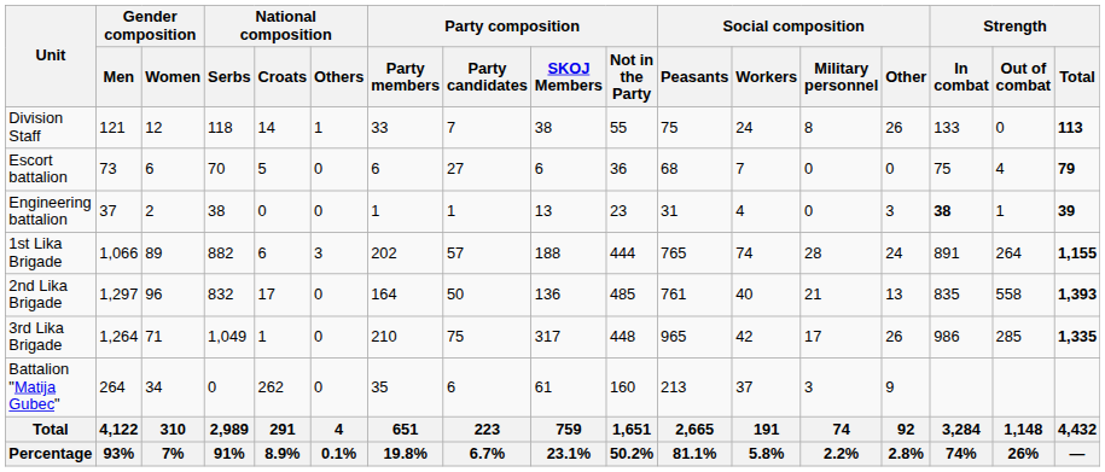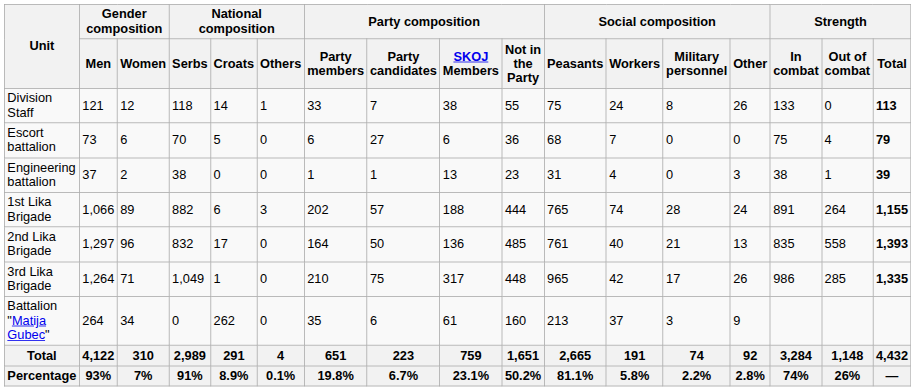 <table class="wikitable">
 <tr>
 <th rowspan="2">Unit</th>
 <th colspan="2">Gender composition</th>
 <th colspan="3">National composition</th>
 <th colspan="4">Party composition</th>
 <th colspan="4">Social composition</th>
 <th colspan="3">Strength</th>
 </tr>
 <tr>
 <th>Men</th>
 <th>Women</th>
 <th>Serbs</th>
 <th>Croats</th>
 <th>Others</th>
 <th>Party members</th>
 <th>Party candidates</th>
 <th><a href='#'>SKOJ</a> Members</th>
 <th>Not in the Party</th>
 <th>Peasants</th>
 <th>Workers</th>
 <th>Military personnel</th>
 <th>Other</th>
 <th>In combat</th>
 <th>Out of combat</th>
 <th>Total</th>
 </tr>
 <tr>
 <td>Division Staff</td>
 <td>121</td>
 <td>12</td>
 <td>118</td>
 <td>14</td>
 <td>1</td>
 <td>33</td>
 <td>7</td>
 <td>38</td>
 <td>55</td>
 <td>75</td>
 <td>24</td>
 <td>8</td>
 <td>26</td>
 <td>133</td>
 <td>0</td>
 <td><strong>113</strong></td>
 </tr>
 <tr>
 <td>Escort battalion</td>
 <td>73</td>
 <td>6</td>
 <td>70</td>
 <td>5</td>
 <td>0</td>
 <td>6</td>
 <td>27</td>
 <td>6</td>
 <td>36</td>
 <td>68</td>
 <td>7</td>
 <td>0</td>
 <td>0</td>
 <td>75</td>
 <td>4</td>
 <td><strong>79</strong></td>
 </tr>
 <tr>
 <td>Engineering battalion</td>
 <td>37</td>
 <td>2</td>
 <td>38</td>
 <td>0</td>
 <td>0</td>
 <td>1</td>
 <td>1</td>
 <td>13</td>
 <td>23</td>
 <td>31</td>
 <td>4</td>
 <td>0</td>
 <td>3</td>
-<td><strong>38</strong></td>
+<td>38</td>
 <td>1</td>
 <td><strong>39</strong></td>
 </tr>
 <tr>
 <td>1st Lika Brigade</td>
 <td>1,066</td>
 <td>89</td>
 <td>882</td>
 <td>6</td>
 <td>3</td>
 <td>202</td>
 <td>57</td>
 <td>188</td>
 <td>444</td>
 <td>765</td>
 <td>74</td>
 <td>28</td>
 <td>24</td>
 <td>891</td>
 <td>264</td>
 <td><strong>1,155</strong></td>
 </tr>
 <tr>
 <td>2nd Lika Brigade</td>
 <td>1,297</td>
 <td>96</td>
 <td>832</td>
 <td>17</td>
 <td>0</td>
 <td>164</td>
 <td>50</td>
 <td>136</td>
 <td>485</td>
 <td>761</td>
 <td>40</td>
 <td>21</td>
 <td>13</td>
 <td>835</td>
 <td>558</td>
 <td><strong>1,393</strong></td>
 </tr>
 <tr>
 <td>3rd Lika Brigade</td>
 <td>1,264</td>
 <td>71</td>
 <td>1,049</td>
 <td>1</td>
 <td>0</td>
 <td>210</td>
 <td>75</td>
 <td>317</td>
 <td>448</td>
 <td>965</td>
 <td>42</td>
 <td>17</td>
 <td>26</td>
 <td>986</td>
 <td>285</td>
 <td><strong>1,335</strong></td>
 </tr>
 <tr>
 <td>Battalion "<a href='#'>Matija Gubec</a>"</td>
 <td>264</td>
 <td>34</td>
 <td>0</td>
 <td>262</td>
 <td>0</td>
 <td>35</td>
 <td>6</td>
 <td>61</td>
 <td>160</td>
 <td>213</td>
 <td>37</td>
 <td>3</td>
 <td>9</td>
 <td></td>
 <td></td>
 <td></td>
 </tr>
 <tr>
 <th>Total</th>
 <th>4,122</th>
 <th>310</th>
 <th>2,989</th>
 <th>291</th>
 <th>4</th>
 <th>651</th>
 <th>223</th>
 <th>759</th>
 <th>1,651</th>
 <th>2,665</th>
 <th>191</th>
 <th>74</th>
 <th>92</th>
 <th>3,284</th>
 <th>1,148</th>
 <th>4,432</th>
 </tr>
 <tr>
 <th>Percentage</th>
 <th>93%</th>
 <th>7%</th>
 <th>91%</th>
 <th>8.9%</th>
 <th>0.1%</th>
 <th>19.8%</th>
 <th>6.7%</th>
 <th>23.1%</th>
 <th>50.2%</th>
 <th>81.1%</th>
 <th>5.8%</th>
 <th>2.2%</th>
 <th>2.8%</th>
 <th>74%</th>
 <th>26%</th>
 <th>—</th>
 </tr>
 </table>
